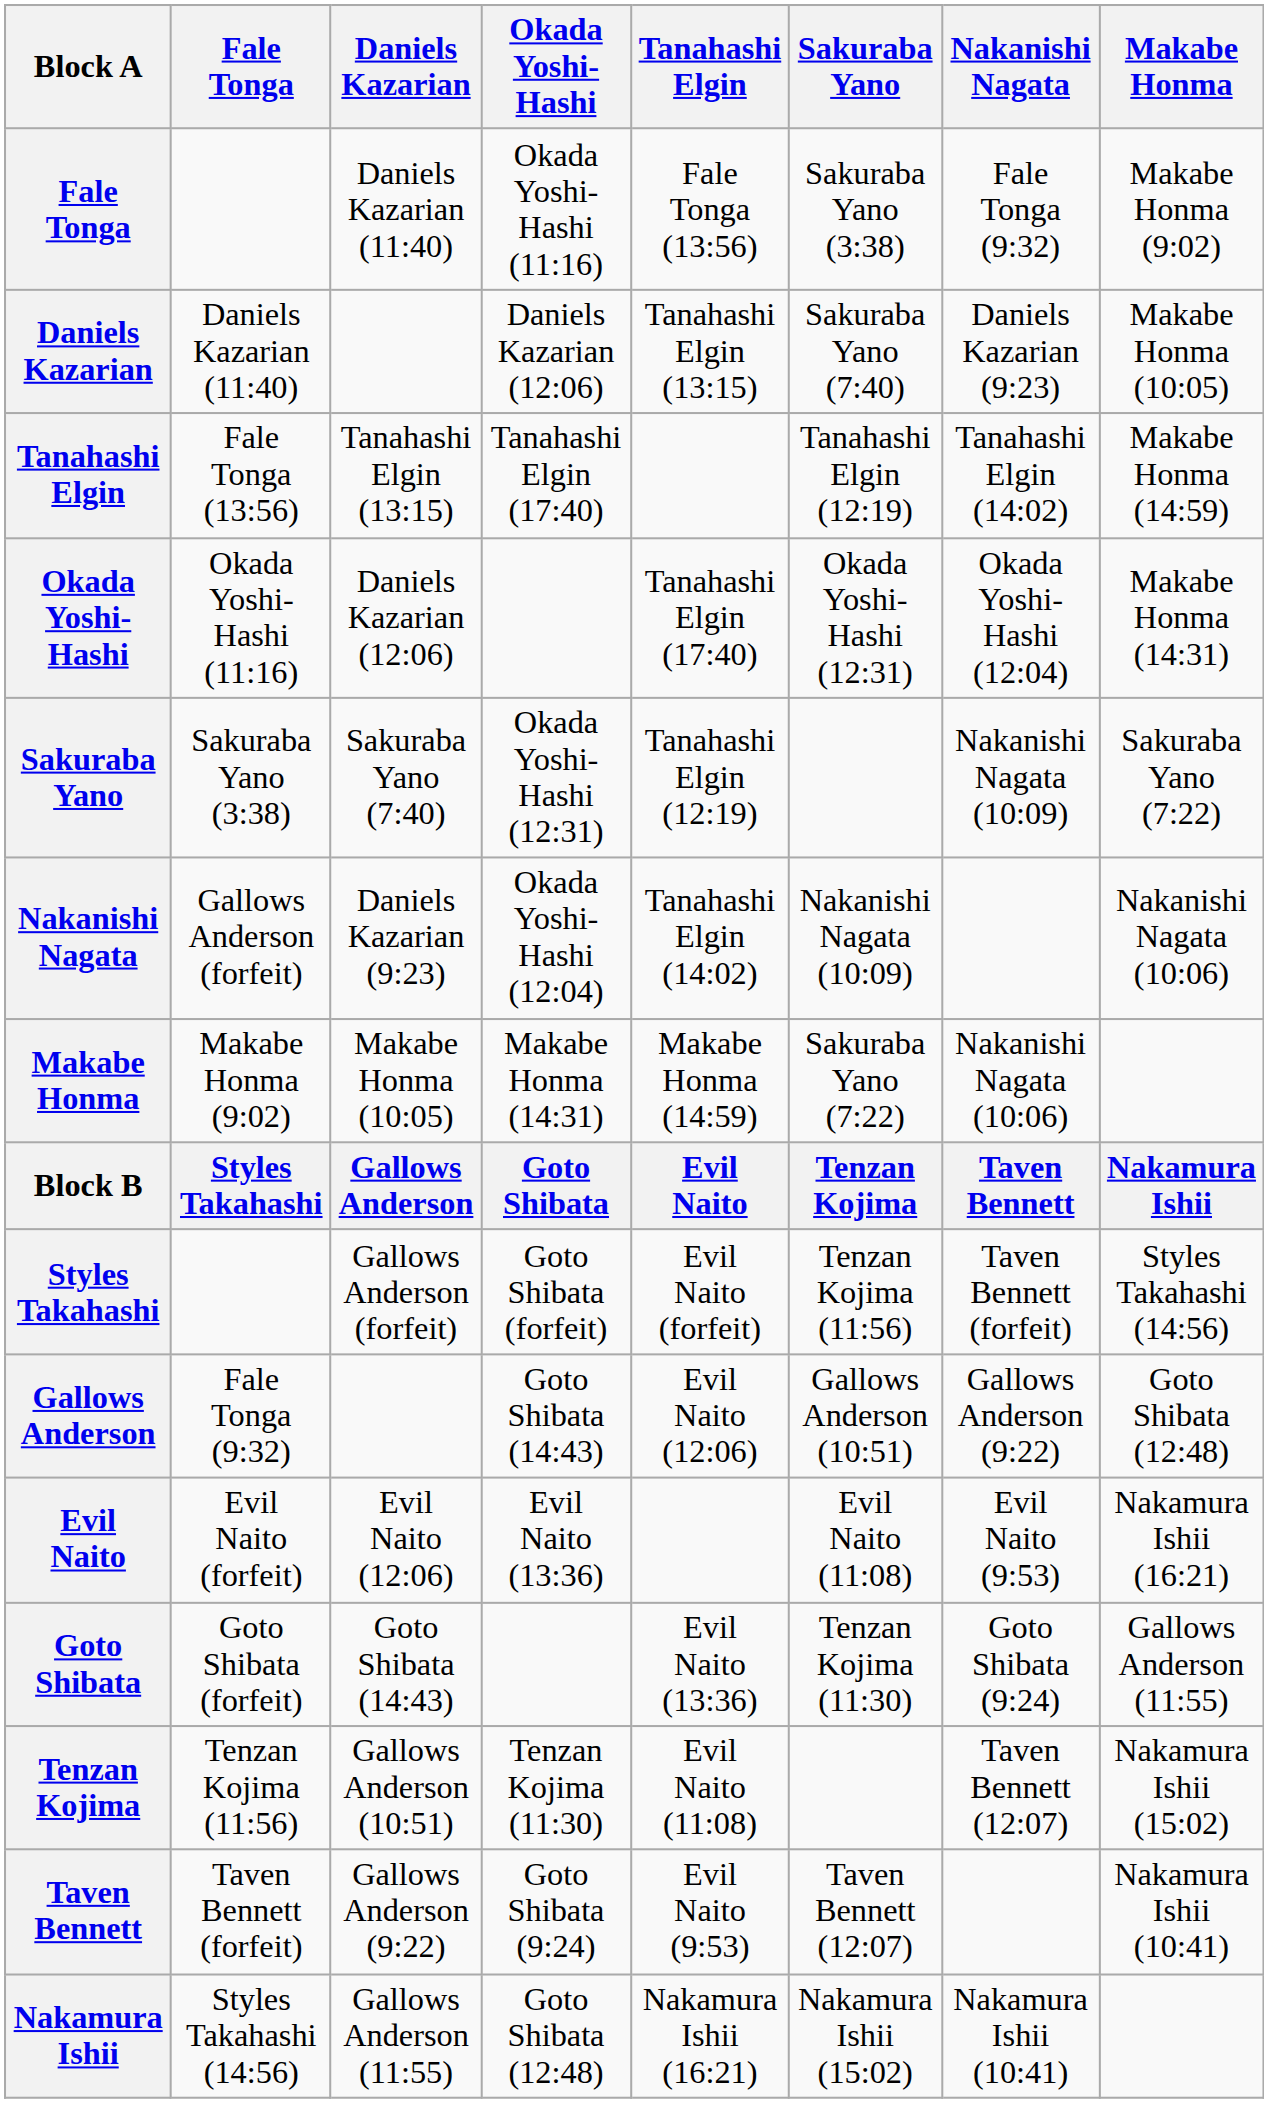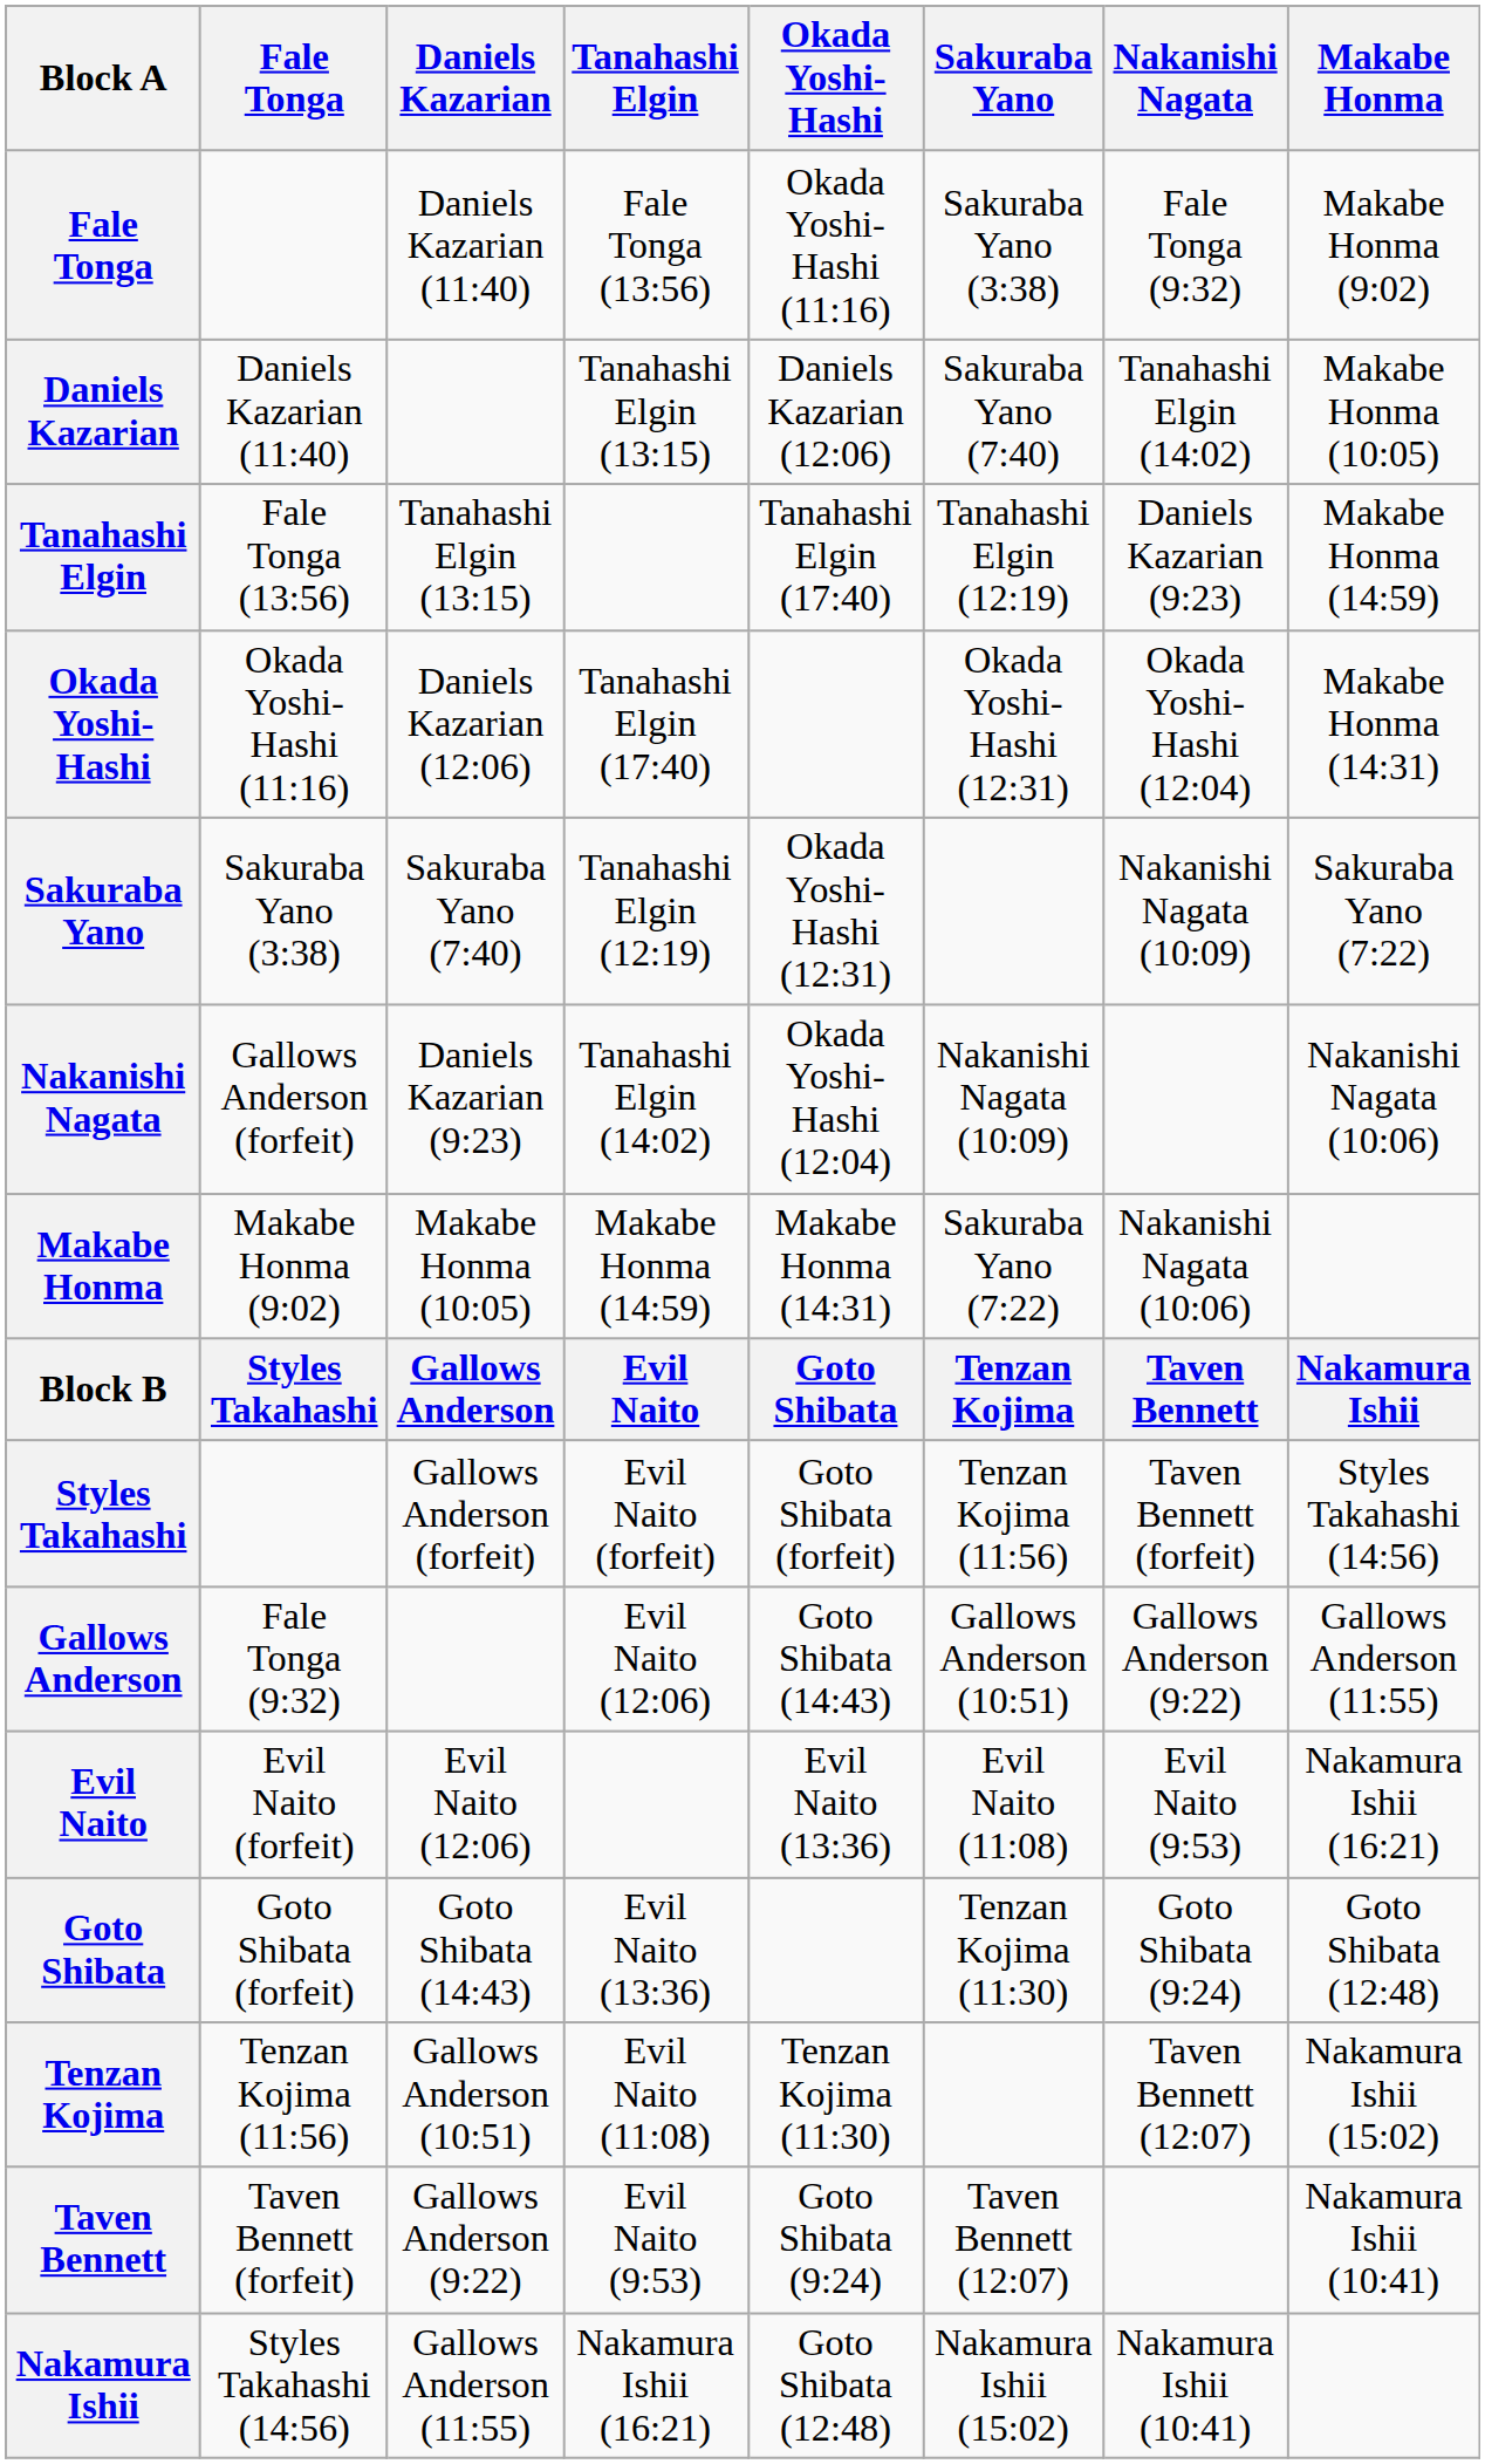 <table class="wikitable" style="text-align:center; margin: 1em auto 1em auto">
 <tr align="center">
 <th>Block A</th>
 <th><a href='#'>Fale</a><br><a href='#'>Tonga</a></th>
 <th><a href='#'>Daniels</a><br><a href='#'>Kazarian</a></th>
+<th><a href='#'>Tanahashi</a><br><a href='#'>Elgin</a></th>
 <th><a href='#'>Okada</a><br><a href='#'>Yoshi-Hashi</a></th>
-<th><a href='#'>Tanahashi</a><br><a href='#'>Elgin</a></th>
 <th><a href='#'>Sakuraba</a><br><a href='#'>Yano</a></th>
 <th><a href='#'>Nakanishi</a><br><a href='#'>Nagata</a></th>
 <th><a href='#'>Makabe</a><br><a href='#'>Honma</a></th>
 </tr>
 <tr align="center">
 <th><a href='#'>Fale</a><br><a href='#'>Tonga</a></th>
 <td></td>
 <td>Daniels<br>Kazarian<br>(11:40)</td>
+<td>Fale<br>Tonga<br>(13:56)</td>
 <td>Okada<br>Yoshi-Hashi<br>(11:16)</td>
-<td>Fale<br>Tonga<br>(13:56)</td>
 <td>Sakuraba<br>Yano<br>(3:38)</td>
 <td>Fale<br>Tonga<br>(9:32)</td>
 <td>Makabe<br>Honma<br>(9:02)</td>
 </tr>
 <tr align="center">
 <th><a href='#'>Daniels</a><br><a href='#'>Kazarian</a></th>
 <td>Daniels<br>Kazarian<br>(11:40)</td>
 <td></td>
+<td>Tanahashi<br>Elgin<br>(13:15)</td>
 <td>Daniels<br>Kazarian<br>(12:06)</td>
-<td>Tanahashi<br>Elgin<br>(13:15)</td>
 <td>Sakuraba<br>Yano<br>(7:40)</td>
-<td>Daniels<br>Kazarian<br>(9:23)</td>
+<td>Tanahashi<br>Elgin<br>(14:02)</td>
 <td>Makabe<br>Honma<br>(10:05)</td>
 </tr>
 <tr align="center">
 <th><a href='#'>Tanahashi</a><br><a href='#'>Elgin</a></th>
 <td>Fale<br>Tonga<br>(13:56)</td>
 <td>Tanahashi<br>Elgin<br>(13:15)</td>
+<td></td>
 <td>Tanahashi<br>Elgin<br>(17:40)</td>
-<td></td>
 <td>Tanahashi<br>Elgin<br>(12:19)</td>
-<td>Tanahashi<br>Elgin<br>(14:02)</td>
+<td>Daniels<br>Kazarian<br>(9:23)</td>
 <td>Makabe<br>Honma<br>(14:59)</td>
 </tr>
 <tr align="center">
 <th><a href='#'>Okada</a><br><a href='#'>Yoshi-Hashi</a></th>
 <td>Okada<br>Yoshi-Hashi<br>(11:16)</td>
 <td>Daniels<br>Kazarian<br>(12:06)</td>
+<td>Tanahashi<br>Elgin<br>(17:40)</td>
 <td></td>
-<td>Tanahashi<br>Elgin<br>(17:40)</td>
 <td>Okada<br>Yoshi-Hashi<br>(12:31)</td>
 <td>Okada<br>Yoshi-Hashi<br>(12:04)</td>
 <td>Makabe<br>Honma<br>(14:31)</td>
 </tr>
 <tr align="center">
 <th><a href='#'>Sakuraba</a><br><a href='#'>Yano</a></th>
 <td>Sakuraba<br>Yano<br>(3:38)</td>
 <td>Sakuraba<br>Yano<br>(7:40)</td>
+<td>Tanahashi<br>Elgin<br>(12:19)</td>
 <td>Okada<br>Yoshi-Hashi<br>(12:31)</td>
-<td>Tanahashi<br>Elgin<br>(12:19)</td>
 <td></td>
 <td>Nakanishi<br>Nagata<br>(10:09)</td>
 <td>Sakuraba<br>Yano<br>(7:22)</td>
 </tr>
 <tr align="center">
 <th><a href='#'>Nakanishi</a><br><a href='#'>Nagata</a></th>
 <td>Gallows<br>Anderson<br>(forfeit)</td>
 <td>Daniels<br>Kazarian<br>(9:23)</td>
+<td>Tanahashi<br>Elgin<br>(14:02)</td>
 <td>Okada<br>Yoshi-Hashi<br>(12:04)</td>
-<td>Tanahashi<br>Elgin<br>(14:02)</td>
 <td>Nakanishi<br>Nagata<br>(10:09)</td>
 <td></td>
 <td>Nakanishi<br>Nagata<br>(10:06)</td>
 </tr>
 <tr align="center">
 <th><a href='#'>Makabe</a><br><a href='#'>Honma</a></th>
 <td>Makabe<br>Honma<br>(9:02)</td>
 <td>Makabe<br>Honma<br>(10:05)</td>
+<td>Makabe<br>Honma<br>(14:59)</td>
 <td>Makabe<br>Honma<br>(14:31)</td>
-<td>Makabe<br>Honma<br>(14:59)</td>
 <td>Sakuraba<br>Yano<br>(7:22)</td>
 <td>Nakanishi<br>Nagata<br>(10:06)</td>
 <td></td>
 </tr>
 <tr align="center">
 <th>Block B</th>
 <th><a href='#'>Styles</a><br><a href='#'>Takahashi</a></th>
 <th><a href='#'>Gallows</a><br><a href='#'>Anderson</a></th>
+<th><a href='#'>Evil</a><br><a href='#'>Naito</a></th>
 <th><a href='#'>Goto</a><br><a href='#'>Shibata</a></th>
-<th><a href='#'>Evil</a><br><a href='#'>Naito</a></th>
 <th><a href='#'>Tenzan</a><br><a href='#'>Kojima</a></th>
 <th><a href='#'>Taven</a><br><a href='#'>Bennett</a></th>
 <th><a href='#'>Nakamura</a><br><a href='#'>Ishii</a></th>
 </tr>
 <tr align="center">
 <th><a href='#'>Styles</a><br><a href='#'>Takahashi</a></th>
 <td></td>
 <td>Gallows<br>Anderson<br>(forfeit)</td>
+<td>Evil<br>Naito<br>(forfeit)</td>
 <td>Goto<br>Shibata<br>(forfeit)</td>
-<td>Evil<br>Naito<br>(forfeit)</td>
 <td>Tenzan<br>Kojima<br>(11:56)</td>
 <td>Taven<br>Bennett<br>(forfeit)</td>
 <td>Styles<br>Takahashi<br>(14:56)</td>
 </tr>
 <tr align="center">
 <th><a href='#'>Gallows</a><br><a href='#'>Anderson</a></th>
 <td>Fale<br>Tonga<br>(9:32)</td>
 <td></td>
+<td>Evil<br>Naito<br>(12:06)</td>
 <td>Goto<br>Shibata<br>(14:43)</td>
-<td>Evil<br>Naito<br>(12:06)</td>
 <td>Gallows<br>Anderson<br>(10:51)</td>
 <td>Gallows<br>Anderson<br>(9:22)</td>
-<td>Goto<br>Shibata<br>(12:48)</td>
+<td>Gallows<br>Anderson<br>(11:55)</td>
 </tr>
 <tr align="center">
 <th><a href='#'>Evil</a><br><a href='#'>Naito</a></th>
 <td>Evil<br>Naito<br>(forfeit)</td>
 <td>Evil<br>Naito<br>(12:06)</td>
+<td></td>
 <td>Evil<br>Naito<br>(13:36)</td>
-<td></td>
 <td>Evil<br>Naito<br>(11:08)</td>
 <td>Evil<br>Naito<br>(9:53)</td>
 <td>Nakamura<br>Ishii<br>(16:21)</td>
 </tr>
 <tr align="center">
 <th><a href='#'>Goto</a><br><a href='#'>Shibata</a></th>
 <td>Goto<br>Shibata<br>(forfeit)</td>
 <td>Goto<br>Shibata<br>(14:43)</td>
+<td>Evil<br>Naito<br>(13:36)</td>
 <td></td>
-<td>Evil<br>Naito<br>(13:36)</td>
 <td>Tenzan<br>Kojima<br>(11:30)</td>
 <td>Goto<br>Shibata<br>(9:24)</td>
-<td>Gallows<br>Anderson<br>(11:55)</td>
+<td>Goto<br>Shibata<br>(12:48)</td>
 </tr>
 <tr align="center">
 <th><a href='#'>Tenzan</a><br><a href='#'>Kojima</a></th>
 <td>Tenzan<br>Kojima<br>(11:56)</td>
 <td>Gallows<br>Anderson<br>(10:51)</td>
+<td>Evil<br>Naito<br>(11:08)</td>
 <td>Tenzan<br>Kojima<br>(11:30)</td>
-<td>Evil<br>Naito<br>(11:08)</td>
 <td></td>
 <td>Taven<br>Bennett<br>(12:07)</td>
 <td>Nakamura<br>Ishii<br>(15:02)</td>
 </tr>
 <tr align="center">
 <th><a href='#'>Taven</a><br><a href='#'>Bennett</a></th>
 <td>Taven<br>Bennett<br>(forfeit)</td>
 <td>Gallows<br>Anderson<br>(9:22)</td>
+<td>Evil<br>Naito<br>(9:53)</td>
 <td>Goto<br>Shibata<br>(9:24)</td>
-<td>Evil<br>Naito<br>(9:53)</td>
 <td>Taven<br>Bennett<br>(12:07)</td>
 <td></td>
 <td>Nakamura<br>Ishii<br>(10:41)</td>
 </tr>
 <tr align="center">
 <th><a href='#'>Nakamura</a><br><a href='#'>Ishii</a></th>
 <td>Styles<br>Takahashi<br>(14:56)</td>
 <td>Gallows<br>Anderson<br>(11:55)</td>
+<td>Nakamura<br>Ishii<br>(16:21)</td>
 <td>Goto<br>Shibata<br>(12:48)</td>
-<td>Nakamura<br>Ishii<br>(16:21)</td>
 <td>Nakamura<br>Ishii<br>(15:02)</td>
 <td>Nakamura<br>Ishii<br>(10:41)</td>
 <td></td>
 </tr>
 </table>
